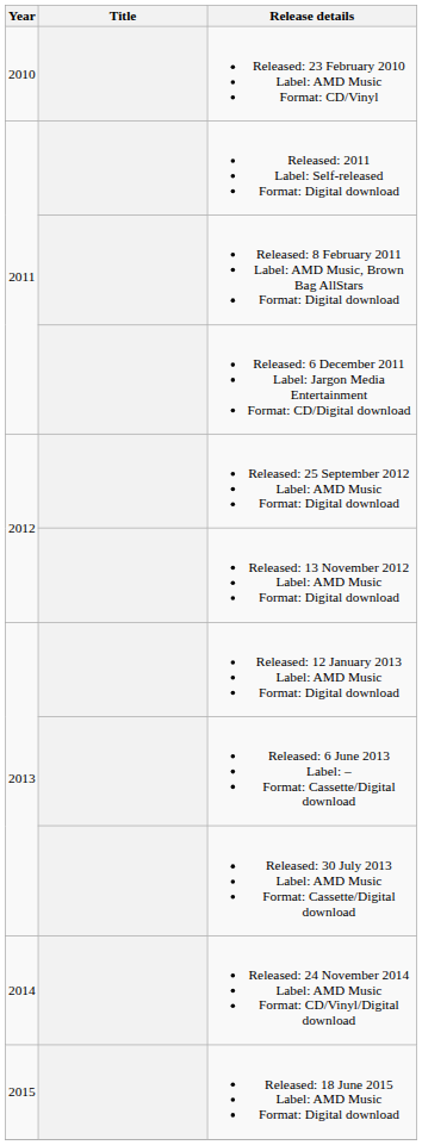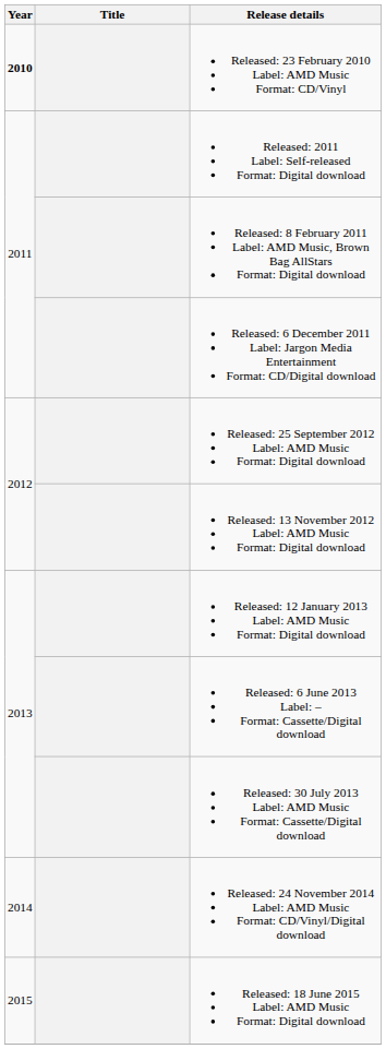 <table class="wikitable plainrowheaders" style="text-align:center;">
 <tr>
 <th>Year</th>
 <th scope="col" rowspan="1" style="width:12em;">Title</th>
 <th scope="col" rowspan="1" style="width:15em;">Release details</th>
 </tr>
 <tr>
-<td>2010</td>
+<td><strong>2010</strong></td>
 <th></th>
 <td><br><ul><li>Released: 23 February 2010</li><li>Label: AMD Music</li><li>Format: CD/Vinyl</li></ul></td>
 </tr>
 <tr>
 <td rowspan="3">2011</td>
 <th></th>
 <td><br><ul><li>Released: 2011</li><li>Label: Self-released</li><li>Format: Digital download</li></ul></td>
 </tr>
 <tr>
 <th></th>
 <td><br><ul><li>Released: 8 February 2011</li><li>Label: AMD Music, Brown Bag AllStars</li><li>Format: Digital download</li></ul></td>
 </tr>
 <tr>
 <th></th>
 <td><br><ul><li>Released: 6 December 2011</li><li>Label: Jargon Media Entertainment</li><li>Format: CD/Digital download</li></ul></td>
 </tr>
 <tr>
 <td rowspan="2">2012</td>
 <th></th>
 <td><br><ul><li>Released: 25 September 2012</li><li>Label: AMD Music</li><li>Format: Digital download</li></ul></td>
 </tr>
 <tr>
 <th></th>
 <td><br><ul><li>Released: 13 November 2012</li><li>Label: AMD Music</li><li>Format: Digital download</li></ul></td>
 </tr>
 <tr>
 <td rowspan="3">2013</td>
 <th></th>
 <td><br><ul><li>Released: 12 January 2013</li><li>Label: AMD Music</li><li>Format: Digital download</li></ul></td>
 </tr>
 <tr>
 <th></th>
 <td><br><ul><li>Released: 6 June 2013</li><li>Label: –</li><li>Format: Cassette/Digital download</li></ul></td>
 </tr>
 <tr>
 <th></th>
 <td><br><ul><li>Released: 30 July 2013</li><li>Label: AMD Music</li><li>Format: Cassette/Digital download</li></ul></td>
 </tr>
 <tr>
 <td>2014</td>
 <th></th>
 <td><br><ul><li>Released: 24 November 2014</li><li>Label: AMD Music</li><li>Format: CD/Vinyl/Digital download</li></ul></td>
 </tr>
 <tr>
 <td>2015</td>
 <th></th>
 <td><br><ul><li>Released: 18 June 2015</li><li>Label: AMD Music</li><li>Format: Digital download</li></ul></td>
 </tr>
 <tr>
 </tr>
 </table>
